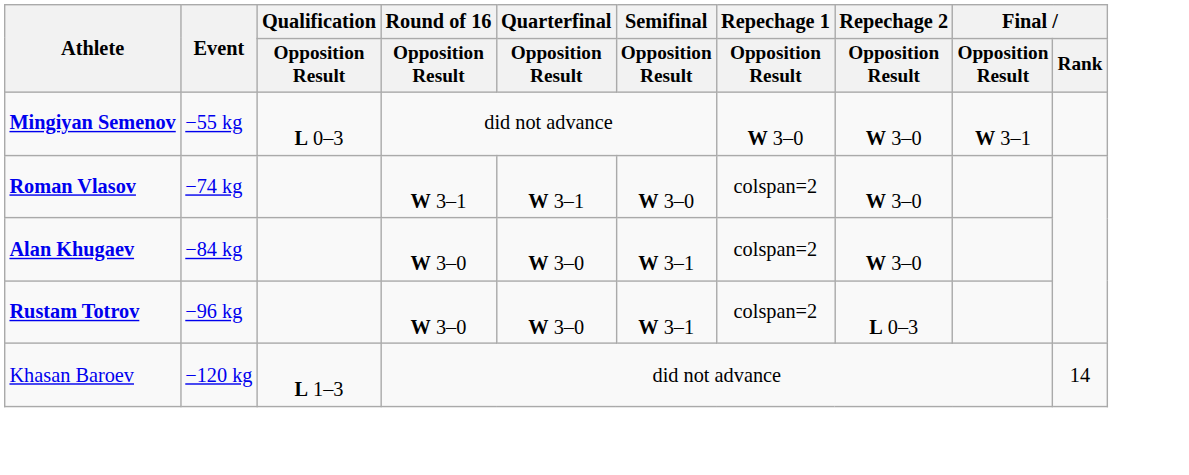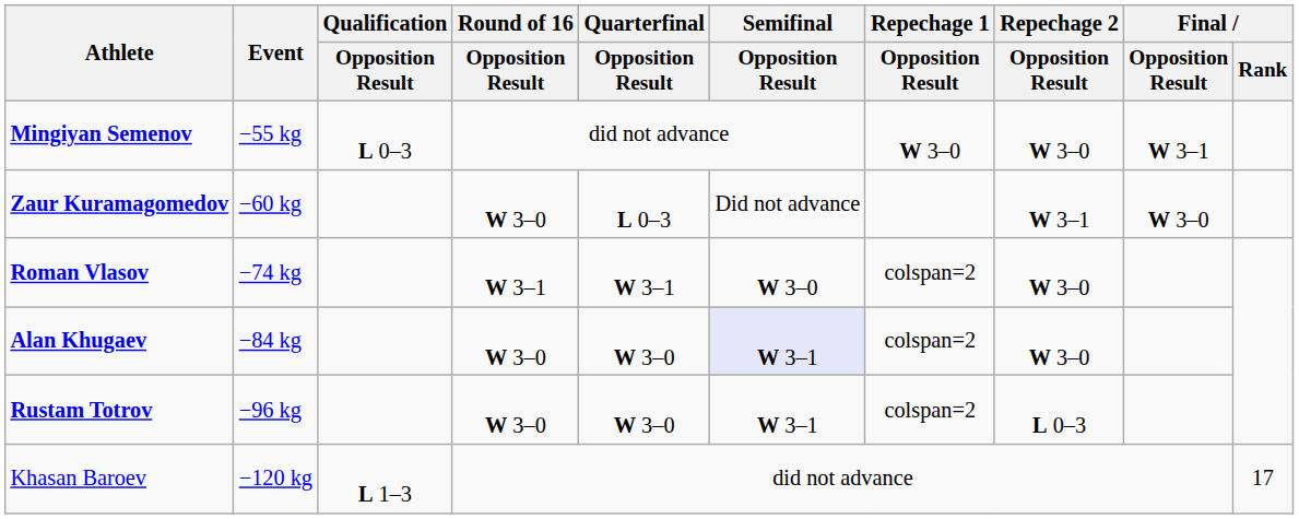 <table class="wikitable" style="font-size:90%">
 <tr>
 <th rowspan="2">Athlete</th>
 <th rowspan="2">Event</th>
 <th>Qualification</th>
 <th>Round of 16</th>
 <th>Quarterfinal</th>
 <th>Semifinal</th>
 <th>Repechage 1</th>
 <th>Repechage 2</th>
 <th colspan=2>Final / </th>
 </tr>
 <tr style="font-size: 95%">
 <th>Opposition<br>Result</th>
 <th>Opposition<br>Result</th>
 <th>Opposition<br>Result</th>
 <th>Opposition<br>Result</th>
 <th>Opposition<br>Result</th>
 <th>Opposition<br>Result</th>
 <th>Opposition<br>Result</th>
 <th>Rank</th>
 </tr>
 <tr align=center>
 <td align=left><strong><a href='#'>Mingiyan Semenov</a></strong></td>
 <td align=left><a href='#'>−55 kg</a></td>
 <td><br><strong>L</strong> 0–3 <sup></sup></td>
 <td colspan=3>did not advance</td>
 <td><br><strong>W</strong> 3–0 <sup></sup></td>
 <td><br><strong>W</strong> 3–0 <sup></sup></td>
 <td><br><strong>W</strong> 3–1 <sup></sup></td>
 <td></td>
 </tr>
 <tr align=center>
+<td align=left><strong><a href='#'>Zaur Kuramagomedov</a></strong></td>
+<td align=left><a href='#'>−60 kg</a></td>
+<td></td>
+<td><br><strong>W</strong> 3–0 <sup></sup></td>
+<td> <br><strong>L</strong> 0–3 <sup></sup></td>
+<td>Did not advance</td>
+<td></td>
+<td><br><strong>W</strong> 3–1 <sup></sup></td>
+<td><br><strong>W</strong> 3–0 <sup></sup></td>
+<td></td>
+</tr>
+<tr align=center>
 <td align=left><strong><a href='#'>Roman Vlasov</a></strong></td>
 <td align=left><a href='#'>−74 kg</a></td>
 <td></td>
 <td><br><strong>W</strong> 3–1 <sup></sup></td>
 <td><br><strong>W</strong> 3–1 <sup></sup></td>
 <td><br><strong>W</strong> 3–0 <sup></sup></td>
 <td>colspan=2 </td>
 <td><br><strong>W</strong> 3–0 <sup></sup></td>
 <td></td>
 </tr>
 <tr align=center>
 <td align=left><strong><a href='#'>Alan Khugaev</a></strong></td>
 <td align=left><a href='#'>−84 kg</a></td>
 <td></td>
 <td><br><strong>W</strong> 3–0 <sup></sup></td>
 <td><br><strong>W</strong> 3–0 <sup></sup></td>
-<td><br><strong>W</strong> 3–1 <sup></sup></td>
+<td style="background: lavender;"><br><strong>W</strong> 3–1 <sup></sup></td>
 <td>colspan=2 </td>
 <td><br><strong>W</strong> 3–0 <sup></sup></td>
 <td></td>
 </tr>
 <tr align=center>
 <td align=left><strong><a href='#'>Rustam Totrov</a></strong></td>
 <td align=left><a href='#'>−96 kg</a></td>
 <td></td>
 <td><br><strong>W</strong> 3–0 <sup></sup></td>
 <td><br><strong>W</strong> 3–0 <sup></sup></td>
 <td><br><strong>W</strong> 3–1 <sup></sup></td>
 <td>colspan=2 </td>
 <td><br><strong>L</strong> 0–3 <sup></sup></td>
 <td></td>
 </tr>
 <tr align=center>
 <td align=left><a href='#'>Khasan Baroev</a></td>
 <td align=left><a href='#'>−120 kg</a></td>
 <td><br><strong>L</strong> 1–3 <sup></sup></td>
 <td colspan=6>did not advance</td>
-<td>14</td>
+<td>17</td>
 </tr>
 </table>
